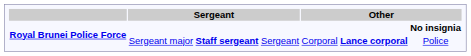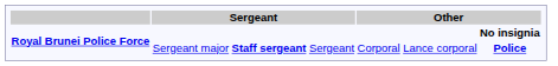 <table style="border:1px solid #8888aa; background:#f7f8ff; padding:5px; font-size:95%; margin:0 12px 12px 0;">
 <tr style="background:#ccc;">
 <th></th>
 <th colspan=3>Sergeant</th>
 <th colspan=4>Other</th>
 </tr>
 <tr style="text-align:center">
 <th Rowspan=2> <a href='#'>Royal Brunei Police Force</a></th>
 <td></td>
 <td></td>
 <td></td>
 <td></td>
 <td></td>
 <td><strong>No insignia</strong></td>
 </tr>
 <tr style="text-align:center">
 <td><a href='#'>Sergeant major</a></td>
 <td><strong><a href='#'>Staff sergeant</a></strong></td>
 <td><a href='#'>Sergeant</a></td>
 <td><a href='#'>Corporal</a></td>
-<td><strong><a href='#'>Lance corporal</a></strong></td>
-<td><a href='#'>Police</a></td>
+<td><a href='#'>Lance corporal</a></td>
+<td><strong><a href='#'>Police</a></strong></td>
 </tr>
 </table>
